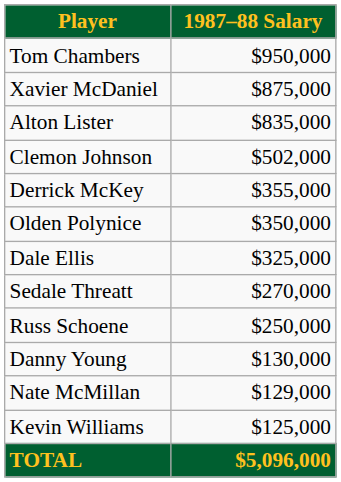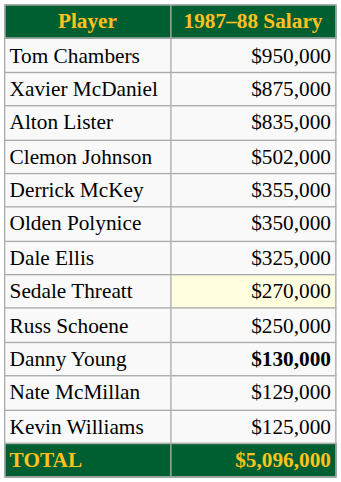 <table width=250 px; class="wikitable sortable sortable">
 <tr>
 <th style="background:#005f30; color:#ffc11f" width="50%">Player</th>
 <th style="background:#005f30; color:#ffc11f" width="50%">1987–88 Salary</th>
 </tr>
 <tr>
 <td>Tom Chambers</td>
 <td align="right">$950,000</td>
 </tr>
 <tr>
 <td>Xavier McDaniel</td>
 <td align="right">$875,000</td>
 </tr>
 <tr>
 <td>Alton Lister</td>
 <td align="right">$835,000</td>
 </tr>
 <tr>
 <td>Clemon Johnson</td>
 <td align="right">$502,000</td>
 </tr>
 <tr>
 <td>Derrick McKey</td>
 <td align="right">$355,000</td>
 </tr>
 <tr>
 <td>Olden Polynice</td>
 <td align="right">$350,000</td>
 </tr>
 <tr>
 <td>Dale Ellis</td>
 <td align="right">$325,000</td>
 </tr>
 <tr>
 <td>Sedale Threatt</td>
-<td align="right">$270,000</td>
+<td align="right" style="background: lightyellow;">$270,000</td>
 </tr>
 <tr>
 <td>Russ Schoene</td>
 <td align="right">$250,000</td>
 </tr>
 <tr>
 <td>Danny Young</td>
-<td align="right">$130,000</td>
+<td align="right"><strong>$130,000</strong></td>
 </tr>
 <tr>
 <td>Nate McMillan</td>
 <td align="right">$129,000</td>
 </tr>
 <tr>
 <td>Kevin Williams</td>
 <td align="right">$125,000</td>
 </tr>
 <tr class="sortbottom">
 <td style="background:#005f30; color:#FFC11f" width="50%"><strong>TOTAL</strong></td>
 <td style="background:#005f30; color:#FFC11f" width="50%" align="right"><strong>$5,096,000</strong></td>
 </tr>
 </table>
